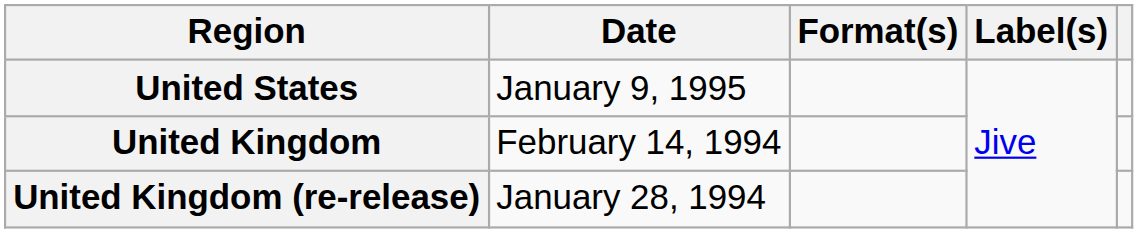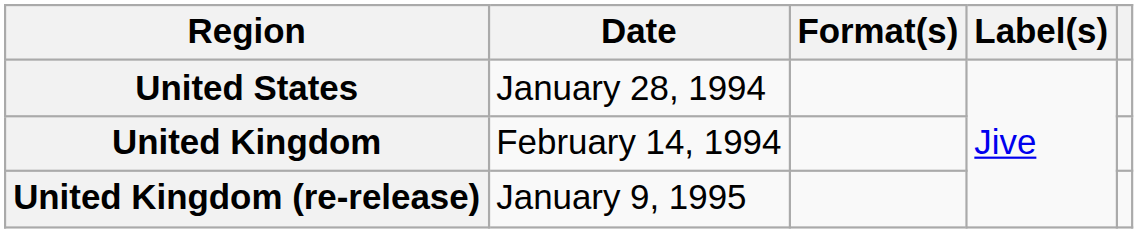 <table class="wikitable plainrowheaders">
 <tr>
 <th scope="col">Region</th>
 <th scope="col">Date</th>
 <th scope="col">Format(s)</th>
 <th scope="col">Label(s)</th>
 <th scope="col"></th>
 </tr>
 <tr>
 <th scope="row">United States</th>
-<td>January 9, 1995</td>
+<td>January 28, 1994</td>
 <td></td>
 <td rowspan="3"><a href='#'>Jive</a></td>
 <td></td>
 </tr>
 <tr>
 <th scope="row">United Kingdom</th>
 <td>February 14, 1994</td>
 <td></td>
 <td></td>
 </tr>
 <tr>
 <th scope="row">United Kingdom (re-release)</th>
-<td>January 28, 1994</td>
+<td>January 9, 1995</td>
 <td></td>
 <td></td>
 </tr>
 </table>
